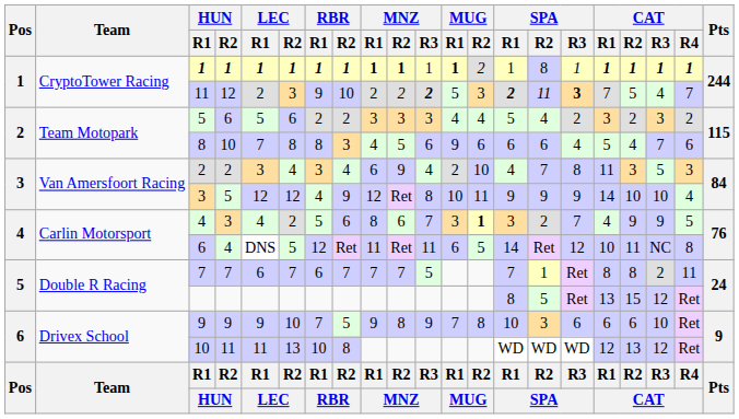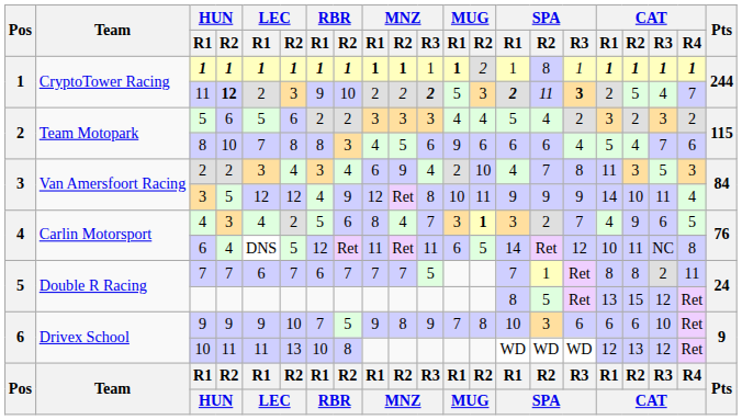 <table class="wikitable" style="font-size: 85%; text-align:center">
 <tr>
 <th rowspan="2" valign="middle">Pos</th>
 <th rowspan="2" valign="middle">Team</th>
 <th colspan=2><a href='#'>HUN</a><br></th>
 <th colspan=2><a href='#'>LEC</a><br></th>
 <th colspan=2><a href='#'>RBR</a><br></th>
 <th colspan=3><a href='#'>MNZ</a><br></th>
 <th colspan=2><a href='#'>MUG</a><br></th>
 <th colspan=3><a href='#'>SPA</a><br></th>
 <th colspan=4><a href='#'>CAT</a><br></th>
 <th rowspan="2" valign="middle">Pts</th>
 </tr>
 <tr>
 <th>R1</th>
 <th>R2</th>
 <th>R1</th>
 <th>R2</th>
 <th>R1</th>
 <th>R2</th>
 <th>R1</th>
 <th>R2</th>
 <th>R3</th>
 <th>R1</th>
 <th>R2</th>
 <th>R1</th>
 <th>R2</th>
 <th>R3</th>
 <th>R1</th>
 <th>R2</th>
 <th>R3</th>
 <th>R4</th>
 </tr>
 <tr>
 <th rowspan=2>1</th>
 <td rowspan=2 align=left> <a href='#'>CryptoTower Racing</a></td>
 <td style="background:#FFFFBF;"><strong><em>1</em></strong></td>
 <td style="background:#FFFFBF;"><strong><em>1</em></strong></td>
 <td style="background:#FFFFBF;"><strong><em>1</em></strong></td>
 <td style="background:#FFFFBF;"><strong><em>1</em></strong></td>
 <td style="background:#FFFFBF;"><strong><em>1</em></strong></td>
 <td style="background:#FFFFBF;"><strong><em>1</em></strong></td>
 <td style="background:#FFFFBF;"><strong>1</strong></td>
 <td style="background:#FFFFBF;"><strong>1</strong></td>
 <td style="background:#FFFFBF;">1</td>
 <td style="background:#FFFFBF;"><strong>1</strong></td>
 <td style="background:#DFDFDF;"><em>2</em></td>
 <td style="background:#FFFFBF;">1</td>
 <td style="background:#cfcfff;">8</td>
 <td style="background:#FFFFBF;"><em>1</em></td>
 <td style="background:#FFFFBF;"><strong><em>1</em></strong></td>
 <td style="background:#FFFFBF;"><strong><em>1</em></strong></td>
 <td style="background:#FFFFBF;"><strong><em>1</em></strong></td>
 <td style="background:#FFFFBF;"><strong><em>1</em></strong></td>
 <th rowspan=2>244</th>
 </tr>
 <tr>
 <td style="background:#cfcfff;">11</td>
-<td style="background:#cfcfff;">12</td>
+<td style="background:#cfcfff;"><strong>12</strong></td>
 <td style="background:#DFDFDF;">2</td>
 <td style="background:#FFDF9F;">3</td>
 <td style="background:#cfcfff;">9</td>
 <td style="background:#cfcfff;">10</td>
 <td style="background:#DFDFDF;">2</td>
 <td style="background:#DFDFDF;"><em>2</em></td>
 <td style="background:#DFDFDF;"><strong><em>2</em></strong></td>
 <td style="background:#DFFFDF;">5</td>
 <td style="background:#FFDF9F;">3</td>
 <td style="background:#DFDFDF;"><strong><em>2</em></strong></td>
 <td style="background:#cfcfff;"><em>11</em></td>
 <td style="background:#FFDF9F;"><strong>3</strong></td>
-<td style="background:#DFDFDF;">7</td>
+<td style="background:#DFDFDF;">2</td>
 <td style="background:#DFFFDF;">5</td>
 <td style="background:#DFFFDF;">4</td>
 <td style="background:#cfcfff;">7</td>
 </tr>
 <tr>
 <th rowspan="2">2</th>
 <td rowspan="2" align=left> <a href='#'>Team Motopark</a></td>
 <td style="background:#DFFFDF;">5</td>
 <td style="background:#cfcfff;">6</td>
 <td style="background:#DFFFDF;">5</td>
 <td style="background:#cfcfff;">6</td>
 <td style="background:#DFDFDF;">2</td>
 <td style="background:#DFDFDF;">2</td>
 <td style="background:#FFDF9F;">3</td>
 <td style="background:#FFDF9F;">3</td>
 <td style="background:#FFDF9F;">3</td>
 <td style="background:#DFFFDF;">4</td>
 <td style="background:#DFFFDF;">4</td>
 <td style="background:#DFFFDF;">5</td>
 <td style="background:#DFFFDF;">4</td>
 <td style="background:#DFDFDF;">2</td>
 <td style="background:#FFDF9F;">3</td>
 <td style="background:#DFDFDF;">2</td>
 <td style="background:#FFDF9F;">3</td>
 <td style="background:#DFDFDF;">2</td>
 <th rowspan="2">115</th>
 </tr>
 <tr>
 <td style="background:#cfcfff;">8</td>
 <td style="background:#cfcfff;">10</td>
 <td style="background:#cfcfff;">7</td>
 <td style="background:#cfcfff;">8</td>
 <td style="background:#cfcfff;">8</td>
 <td style="background:#FFDF9F;">3</td>
 <td style="background:#DFFFDF;">4</td>
 <td style="background:#DFFFDF;">5</td>
 <td style="background:#cfcfff;">6</td>
 <td style="background:#cfcfff;">9</td>
 <td style="background:#cfcfff;">6</td>
 <td style="background:#cfcfff;">6</td>
 <td style="background:#cfcfff;">6</td>
 <td style="background:#DFFFDF;">4</td>
 <td style="background:#DFFFDF;">5</td>
 <td style="background:#DFFFDF;">4</td>
 <td style="background:#cfcfff;">7</td>
 <td style="background:#cfcfff;">6</td>
 </tr>
 <tr>
 <th rowspan="2">3</th>
 <td rowspan="2" align="left"> <a href='#'>Van Amersfoort Racing</a></td>
 <td style="background:#DFDFDF;">2</td>
 <td style="background:#DFDFDF;">2</td>
 <td style="background:#FFDF9F;">3</td>
 <td style="background:#DFFFDF;">4</td>
 <td style="background:#FFDF9F;">3</td>
 <td style="background:#DFFFDF;">4</td>
 <td style="background:#cfcfff;">6</td>
 <td style="background:#cfcfff;">9</td>
 <td style="background:#DFFFDF;">4</td>
 <td style="background:#DFDFDF;">2</td>
 <td style="background:#cfcfff;">10</td>
 <td style="background:#DFFFDF;">4</td>
 <td style="background:#cfcfff;">7</td>
 <td style="background:#cfcfff;">8</td>
 <td style="background:#cfcfff;">11</td>
 <td style="background:#FFDF9F;">3</td>
 <td style="background:#DFFFDF;">5</td>
 <td style="background:#FFDF9F;">3</td>
 <th rowspan="2">84</th>
 </tr>
 <tr>
 <td style="background:#FFDF9F;">3</td>
 <td style="background:#DFFFDF;">5</td>
 <td style="background:#cfcfff;">12</td>
 <td style="background:#cfcfff;">12</td>
 <td style="background:#DFFFDF;">4</td>
 <td style="background:#cfcfff;">9</td>
 <td style="background:#cfcfff;">12</td>
 <td style="background:#EFCFFF;">Ret</td>
 <td style="background:#cfcfff;">8</td>
 <td style="background:#cfcfff;">10</td>
 <td style="background:#cfcfff;">11</td>
 <td style="background:#cfcfff;">9</td>
 <td style="background:#cfcfff;">9</td>
 <td style="background:#cfcfff;">9</td>
 <td style="background:#cfcfff;">14</td>
 <td style="background:#cfcfff;">10</td>
-<td style="background:#cfcfff;">10</td>
+<td style="background:#cfcfff;">11</td>
 <td style="background:#DFFFDF;">4</td>
 </tr>
 <tr>
 <th rowspan="2">4</th>
 <td rowspan="2" align=left> <a href='#'>Carlin Motorsport</a></td>
 <td style="background:#DFFFDF;">4</td>
 <td style="background:#FFDF9F;">3</td>
 <td style="background:#DFFFDF;">4</td>
 <td style="background:#DFDFDF;">2</td>
 <td style="background:#DFFFDF;">5</td>
 <td style="background:#cfcfff;">6</td>
 <td style="background:#cfcfff;">8</td>
-<td style="background:#DFFFDF;">6</td>
+<td style="background:#DFFFDF;">4</td>
 <td style="background:#cfcfff;">7</td>
 <td style="background:#FFDF9F;">3</td>
 <td style="background:#FFFFBF;"><strong>1</strong></td>
 <td style="background:#FFDF9F;">3</td>
 <td style="background:#DFDFDF;">2</td>
 <td style="background:#cfcfff;">7</td>
 <td style="background:#DFFFDF;">4</td>
 <td style="background:#cfcfff;">9</td>
-<td style="background:#cfcfff;">9</td>
+<td style="background:#cfcfff;">6</td>
 <td style="background:#DFFFDF;">5</td>
 <th rowspan="2">76</th>
 </tr>
 <tr>
 <td style="background:#cfcfff;">6</td>
 <td style="background:#DFFFDF;">4</td>
 <td style="background:#ffffff;">DNS</td>
 <td style="background:#DFFFDF;">5</td>
 <td style="background:#cfcfff;">12</td>
 <td style="background:#EFCFFF;">Ret</td>
 <td style="background:#cfcfff;">11</td>
 <td style="background:#EFCFFF;">Ret</td>
 <td style="background:#cfcfff;">11</td>
 <td style="background:#cfcfff;">6</td>
 <td style="background:#DFFFDF;">5</td>
 <td style="background:#cfcfff;">14</td>
 <td style="background:#EFCFFF;">Ret</td>
 <td style="background:#cfcfff;">12</td>
 <td style="background:#cfcfff;">10</td>
 <td style="background:#cfcfff;">11</td>
 <td style="background:#cfcfff;">NC</td>
 <td style="background:#cfcfff;">8</td>
 </tr>
 <tr>
 <th rowspan="2">5</th>
 <td rowspan="2" align="left"> <a href='#'>Double R Racing</a></td>
 <td style="background:#cfcfff;">7</td>
 <td style="background:#cfcfff;">7</td>
 <td style="background:#cfcfff;">6</td>
 <td style="background:#cfcfff;">7</td>
 <td style="background:#cfcfff;">6</td>
 <td style="background:#cfcfff;">7</td>
 <td style="background:#cfcfff;">7</td>
 <td style="background:#cfcfff;">7</td>
 <td style="background:#DFFFDF;">5</td>
 <td></td>
 <td></td>
 <td style="background:#cfcfff;">7</td>
 <td style="background:#FFFFBF;">1</td>
 <td style="background:#EFCFFF;">Ret</td>
 <td style="background:#cfcfff;">8</td>
 <td style="background:#cfcfff;">8</td>
 <td style="background:#DFDFDF;">2</td>
 <td style="background:#cfcfff;">11</td>
 <th rowspan="2">24</th>
 </tr>
 <tr>
 <td></td>
 <td></td>
 <td></td>
 <td></td>
 <td></td>
 <td></td>
 <td></td>
 <td></td>
 <td></td>
 <td></td>
 <td></td>
 <td style="background:#cfcfff;">8</td>
 <td style="background:#DFFFDF;">5</td>
 <td style="background:#EFCFFF;">Ret</td>
 <td style="background:#cfcfff;">13</td>
 <td style="background:#cfcfff;">15</td>
 <td style="background:#cfcfff;">12</td>
 <td style="background:#EFCFFF;">Ret</td>
 </tr>
 <tr>
 <th rowspan="2">6</th>
 <td rowspan="2" align="left"> <a href='#'>Drivex School</a></td>
 <td style="background:#cfcfff;">9</td>
 <td style="background:#cfcfff;">9</td>
 <td style="background:#cfcfff;">9</td>
 <td style="background:#cfcfff;">10</td>
 <td style="background:#cfcfff;">7</td>
 <td style="background:#DFFFDF;">5</td>
 <td style="background:#cfcfff;">9</td>
 <td style="background:#cfcfff;">8</td>
 <td style="background:#cfcfff;">9</td>
 <td style="background:#cfcfff;">7</td>
 <td style="background:#cfcfff;">8</td>
 <td style="background:#cfcfff;">10</td>
 <td style="background:#FFDF9F;">3</td>
 <td style="background:#cfcfff;">6</td>
 <td style="background:#cfcfff;">6</td>
 <td style="background:#cfcfff;">6</td>
 <td style="background:#cfcfff;">10</td>
 <td style="background:#EFCFFF;">Ret</td>
 <th rowspan="2">9</th>
 </tr>
 <tr>
 <td style="background:#cfcfff;">10</td>
 <td style="background:#cfcfff;">11</td>
 <td style="background:#cfcfff;">11</td>
 <td style="background:#cfcfff;">13</td>
 <td style="background:#cfcfff;">10</td>
 <td style="background:#cfcfff;">8</td>
 <td></td>
 <td></td>
 <td></td>
 <td></td>
 <td></td>
 <td style="background:#ffffff;">WD</td>
 <td style="background:#ffffff;">WD</td>
 <td style="background:#ffffff;">WD</td>
 <td style="background:#cfcfff;">12</td>
 <td style="background:#cfcfff;">13</td>
 <td style="background:#cfcfff;">12</td>
 <td style="background:#EFCFFF;">Ret</td>
 </tr>
 <tr>
 <th rowspan="2">Pos</th>
 <th rowspan="2">Team</th>
 <th>R1</th>
 <th>R2</th>
 <th>R1</th>
 <th>R2</th>
 <th>R1</th>
 <th>R2</th>
 <th>R1</th>
 <th>R2</th>
 <th>R3</th>
 <th>R1</th>
 <th>R2</th>
 <th>R1</th>
 <th>R2</th>
 <th>R3</th>
 <th>R1</th>
 <th>R2</th>
 <th>R3</th>
 <th>R4</th>
 <th rowspan="2">Pts</th>
 </tr>
 <tr>
 <th colspan="2"><a href='#'>HUN</a><br></th>
 <th colspan="2"><a href='#'>LEC</a><br></th>
 <th colspan="2"><a href='#'>RBR</a><br></th>
 <th colspan="3"><a href='#'>MNZ</a><br></th>
 <th colspan="2"><a href='#'>MUG</a><br></th>
 <th colspan="3"><a href='#'>SPA</a><br></th>
 <th colspan="4"><a href='#'>CAT</a><br></th>
 </tr>
 </table>
